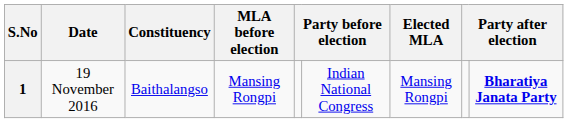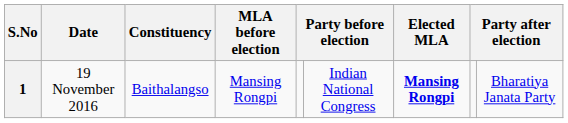 <table class="wikitable sortable" style="text-align:center;">
 <tr>
 <th>S.No</th>
 <th>Date</th>
 <th>Constituency</th>
 <th>MLA before election</th>
 <th colspan="2">Party before election</th>
 <th>Elected MLA</th>
 <th colspan="2">Party after election</th>
 </tr>
 <tr>
 <th>1</th>
 <td>19 November 2016</td>
 <td><a href='#'>Baithalangso</a></td>
 <td><a href='#'>Mansing Rongpi</a></td>
 <td></td>
 <td><a href='#'>Indian National Congress</a></td>
-<td><a href='#'>Mansing Rongpi</a></td>
+<td><strong><a href='#'>Mansing Rongpi</a></strong></td>
 <td></td>
-<td><strong><a href='#'>Bharatiya Janata Party</a></strong></td>
+<td><a href='#'>Bharatiya Janata Party</a></td>
 </tr>
 </table>
